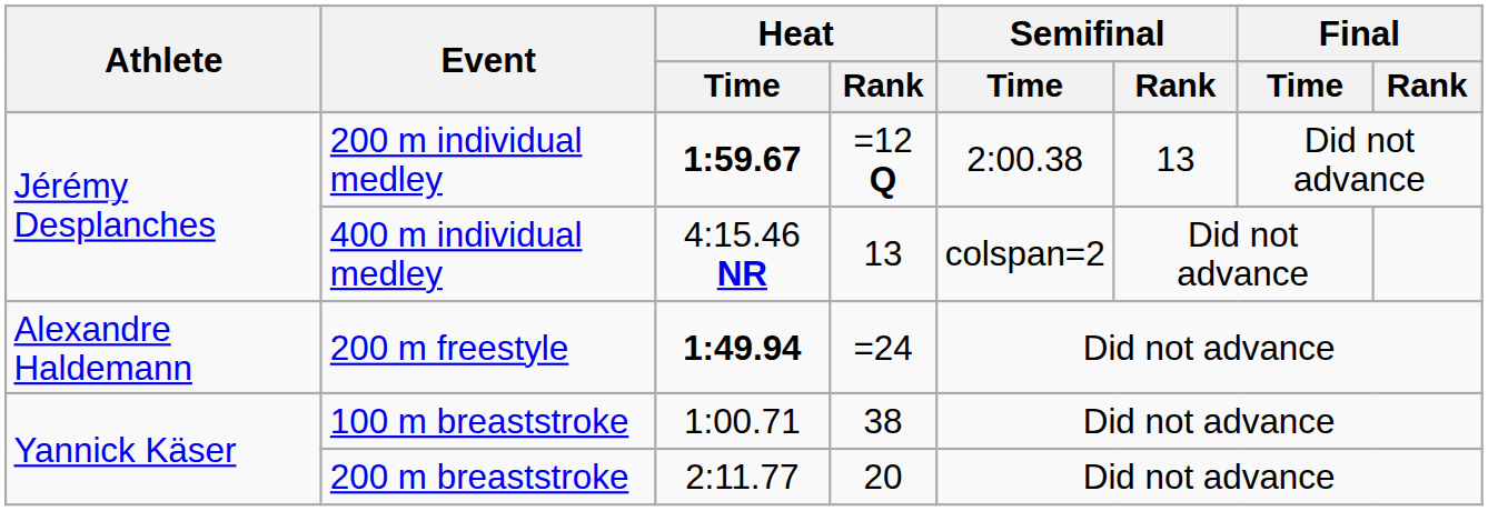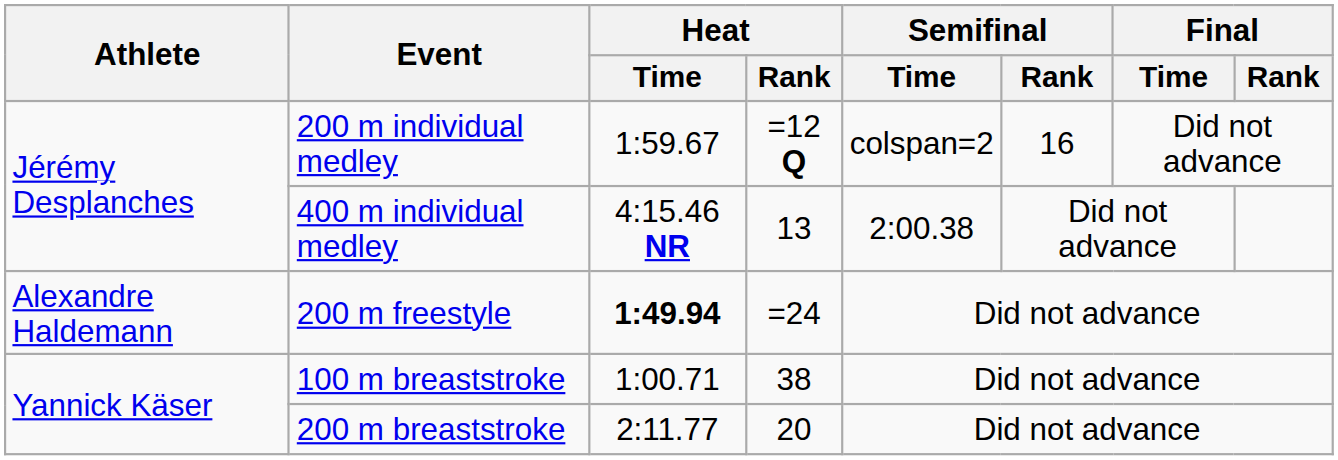 <table class=wikitable style="font-size:90%">
 <tr>
 <th rowspan="2">Athlete</th>
 <th rowspan="2">Event</th>
 <th colspan="2">Heat</th>
 <th colspan="2">Semifinal</th>
 <th colspan="2">Final</th>
 </tr>
 <tr style="font-size:95%">
 <th>Time</th>
 <th>Rank</th>
 <th>Time</th>
 <th>Rank</th>
 <th>Time</th>
 <th>Rank</th>
 </tr>
 <tr align=center>
 <td align=left rowspan=2><a href='#'>Jérémy Desplanches</a></td>
 <td align=left><a href='#'>200 m individual medley</a></td>
-<td><strong>1:59.67</strong></td>
+<td>1:59.67</td>
 <td>=12 <strong>Q</strong></td>
-<td>2:00.38</td>
-<td>13</td>
+<td>colspan=2 </td>
+<td>16</td>
 <td colspan=2>Did not advance</td>
 </tr>
 <tr align=center>
 <td align=left><a href='#'>400 m individual medley</a></td>
 <td>4:15.46 <strong><a href='#'>NR</a></strong></td>
 <td>13</td>
-<td>colspan=2 </td>
+<td>2:00.38</td>
 <td colspan=2>Did not advance</td>
 </tr>
 <tr align=center>
 <td align=left><a href='#'>Alexandre Haldemann</a></td>
 <td align=left><a href='#'>200 m freestyle</a></td>
 <td><strong>1:49.94</strong></td>
 <td>=24</td>
 <td colspan=4>Did not advance</td>
 </tr>
 <tr align=center>
 <td align=left rowspan=2><a href='#'>Yannick Käser</a></td>
 <td align=left><a href='#'>100 m breaststroke</a></td>
 <td>1:00.71</td>
 <td>38</td>
 <td colspan=4>Did not advance</td>
 </tr>
 <tr align=center>
 <td align=left><a href='#'>200 m breaststroke</a></td>
 <td>2:11.77</td>
 <td>20</td>
 <td colspan=4>Did not advance</td>
 </tr>
 </table>
